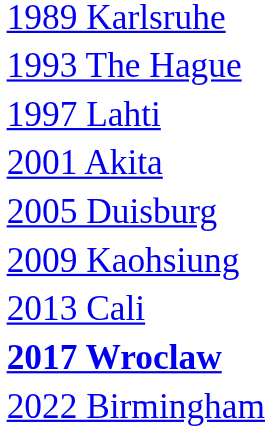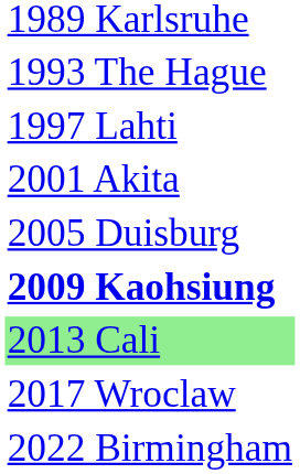 <table>
 <tr>
 <td><a href='#'>1989 Karlsruhe</a></td>
 <td></td>
 <td></td>
 <td></td>
 </tr>
 <tr>
 <td><a href='#'>1993 The Hague</a></td>
 <td></td>
 <td></td>
 <td></td>
 </tr>
 <tr>
 <td><a href='#'>1997 Lahti</a></td>
 <td></td>
 <td></td>
 <td></td>
 </tr>
 <tr>
 <td><a href='#'>2001 Akita</a></td>
 <td></td>
 <td></td>
 <td></td>
 </tr>
 <tr>
 <td><a href='#'>2005 Duisburg</a></td>
 <td></td>
 <td></td>
 <td></td>
 </tr>
 <tr>
-<td><a href='#'>2009 Kaohsiung</a></td>
+<td><strong><a href='#'>2009 Kaohsiung</a></strong></td>
 <td></td>
 <td></td>
 <td></td>
 </tr>
 <tr>
-<td><a href='#'>2013 Cali</a></td>
+<td style="background: lightgreen;"><a href='#'>2013 Cali</a></td>
 <td></td>
 <td></td>
 <td></td>
 </tr>
 <tr>
-<td><strong><a href='#'>2017 Wroclaw</a></strong></td>
+<td><a href='#'>2017 Wroclaw</a></td>
 <td></td>
 <td></td>
 <td></td>
 </tr>
 <tr>
 <td><a href='#'>2022 Birmingham</a></td>
 <td></td>
 <td></td>
 <td></td>
 </tr>
 </table>
